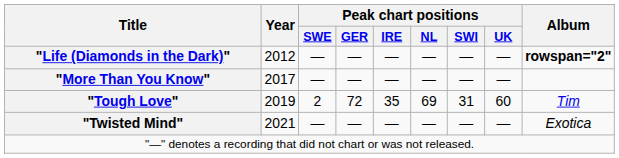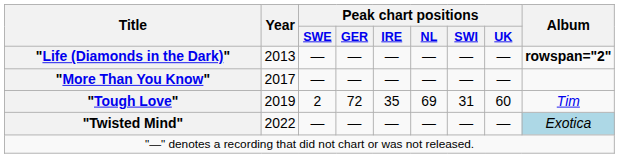 <table class="wikitable plainrowheaders" style="text-align:center;" border="1">
 <tr>
 <th scope="col" rowspan="2" style="width:18em;">Title</th>
 <th scope="col" rowspan="2">Year</th>
 <th scope="col" colspan="6">Peak chart positions</th>
 <th scope="col" rowspan="2">Album</th>
 </tr>
 <tr>
 <th scope="col" style="width:2.5em;font-size:90%;"><a href='#'>SWE</a><br></th>
 <th scope="col" style="width:2.5em;font-size:90%;"><a href='#'>GER</a><br></th>
 <th scope="col" style="width:2.5em;font-size:90%;"><a href='#'>IRE</a><br></th>
 <th scope="col" style="width:2.5em;font-size:90%;"><a href='#'>NL</a><br></th>
 <th scope="col" style="width:2.5em;font-size:90%;"><a href='#'>SWI</a><br></th>
 <th scope="col" style="width:2.5em;font-size:90%;"><a href='#'>UK</a><br></th>
 </tr>
 <tr>
 <th scope="row">"<a href='#'>Life (Diamonds in the Dark)</a>" <br> </th>
-<td>2012</td>
+<td>2013</td>
 <td>—</td>
 <td>—</td>
 <td>—</td>
 <td>—</td>
 <td>—</td>
 <td>—</td>
 <td><strong>rowspan="2" </strong></td>
 </tr>
 <tr>
 <th scope="row">"<a href='#'>More Than You Know</a>"  <br> </th>
 <td>2017</td>
 <td>—</td>
 <td>—</td>
 <td>—</td>
 <td>—</td>
 <td>—</td>
 <td>—</td>
 </tr>
 <tr>
 <th scope="row">"<a href='#'>Tough Love</a>" <br> </th>
 <td>2019</td>
 <td>2</td>
 <td>72</td>
 <td>35</td>
 <td>69</td>
 <td>31</td>
 <td>60</td>
 <td><em><a href='#'>Tim</a></em></td>
 </tr>
 <tr>
 <th scope="row">"Twisted Mind" <br> </th>
-<td>2021</td>
+<td>2022</td>
 <td>—</td>
 <td>—</td>
 <td>—</td>
 <td>—</td>
 <td>—</td>
 <td>—</td>
-<td><em>Exotica</em></td>
+<td style="background: lightblue;"><em>Exotica</em></td>
 </tr>
 <tr>
 <td colspan="13" style="font-size:85%">"—" denotes a recording that did not chart or was not released.</td>
 </tr>
 </table>
